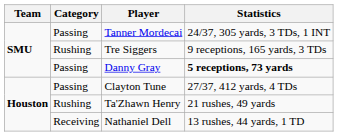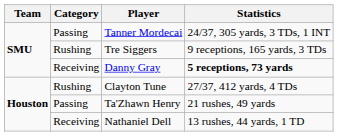 <table class="wikitable" style="float: left;">
 <tr>
 <th>Team</th>
 <th>Category</th>
 <th>Player</th>
 <th>Statistics</th>
 </tr>
 <tr>
 <td rowspan=3><strong>SMU</strong></td>
 <td>Passing</td>
 <td><a href='#'>Tanner Mordecai</a></td>
 <td>24/37, 305 yards, 3 TDs, 1 INT</td>
 </tr>
 <tr>
 <td>Rushing</td>
 <td>Tre Siggers</td>
 <td>9 receptions, 165 yards, 3 TDs</td>
 </tr>
 <tr>
-<td>Passing</td>
+<td>Receiving</td>
 <td><a href='#'>Danny Gray</a></td>
 <td><strong>5 receptions, 73 yards</strong></td>
 </tr>
 <tr>
 <td rowspan=3><strong>Houston</strong></td>
-<td>Passing</td>
+<td>Rushing</td>
 <td>Clayton Tune</td>
 <td>27/37, 412 yards, 4 TDs</td>
 </tr>
 <tr>
-<td>Rushing</td>
+<td>Passing</td>
 <td>Ta'Zhawn Henry</td>
 <td>21 rushes, 49 yards</td>
 </tr>
 <tr>
 <td>Receiving</td>
 <td>Nathaniel Dell</td>
 <td>13 rushes, 44 yards, 1 TD</td>
 </tr>
 </table>
